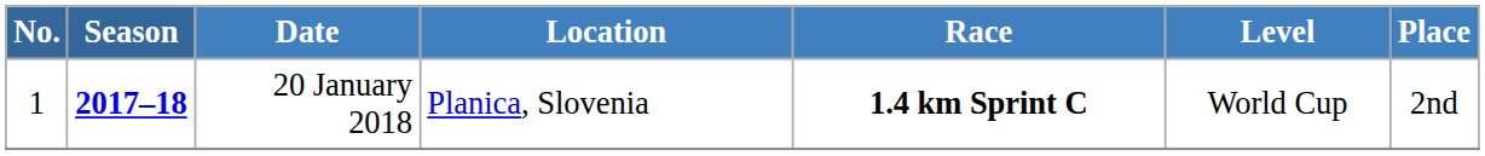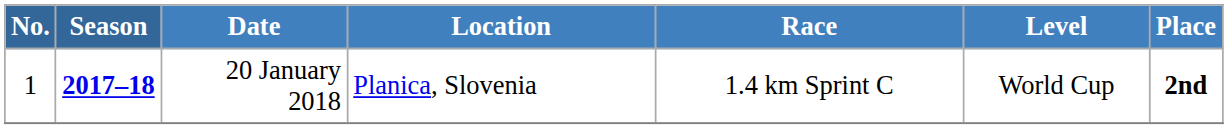 <table class="wikitable sortable" style="font-size:95%; text-align:center; border:grey solid 1px; border-collapse:collapse; background:#ffffff;">
 <tr style="background:#efefef;">
 <th style="background-color:#369; color:white;">No.</th>
 <th style="background-color:#369; color:white;">Season</th>
 <th style="background-color:#4180be; color:white; width:100px;">Date</th>
 <th style="background-color:#4180be; color:white; width:170px;">Location</th>
 <th style="background-color:#4180be; color:white; width:170px;">Race</th>
 <th style="background-color:#4180be; color:white; width:100px;">Level</th>
 <th style="background-color:#4180be; color:white;">Place</th>
 </tr>
 <tr>
 <td align=center>1</td>
 <td align=center><strong><a href='#'>2017–18</a></strong></td>
 <td align=right>20 January 2018</td>
 <td align=left> <a href='#'>Planica</a>, Slovenia</td>
-<td><strong>1.4 km Sprint C</strong></td>
+<td>1.4 km Sprint C</td>
 <td>World Cup</td>
-<td>2nd</td>
+<td><strong>2nd</strong></td>
 </tr>
 <tr>
 </tr>
 </table>
